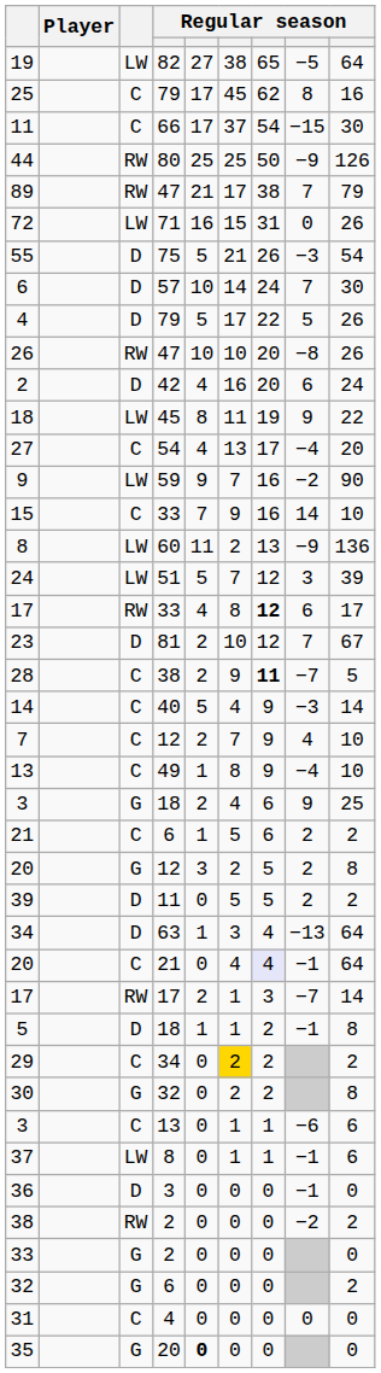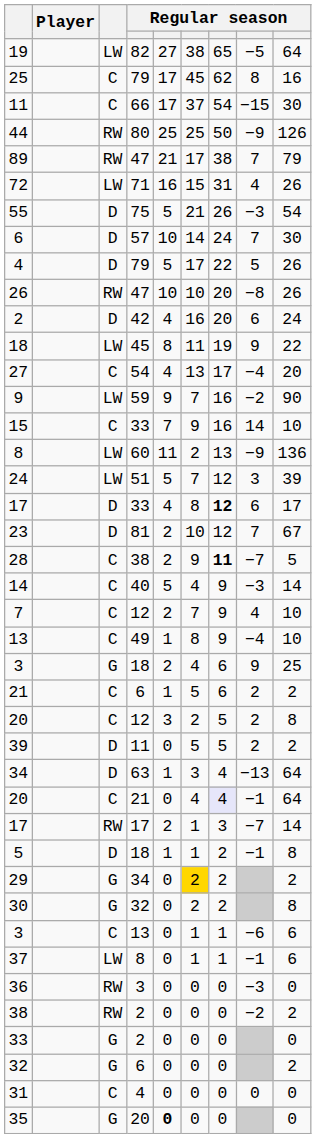 <table class="wikitable sortable plainrowheaders" style="text-align:center;">
 <tr>
 <th scope="col" data-sort-type="number" rowspan="2"></th>
 <th scope="col" rowspan="2">Player</th>
 <th scope="col" rowspan="2"></th>
 <th scope=colgroup colspan=6>Regular season</th>
 </tr>
 <tr>
 <th scope="col" data-sort-type="number"></th>
 <th scope="col" data-sort-type="number"></th>
 <th scope="col" data-sort-type="number"></th>
 <th scope="col" data-sort-type="number"></th>
 <th scope="col" data-sort-type="number"></th>
 <th scope="col" data-sort-type="number"></th>
 </tr>
 <tr>
 <td scope="row">19</td>
 <td align="left"></td>
 <td>LW</td>
 <td>82</td>
 <td>27</td>
 <td>38</td>
 <td>65</td>
 <td>−5</td>
 <td>64</td>
 </tr>
 <tr>
 <td scope="row">25</td>
 <td align="left"></td>
 <td>C</td>
 <td>79</td>
 <td>17</td>
 <td>45</td>
 <td>62</td>
 <td>8</td>
 <td>16</td>
 </tr>
 <tr>
 <td scope="row">11</td>
 <td align="left"></td>
 <td>C</td>
 <td>66</td>
 <td>17</td>
 <td>37</td>
 <td>54</td>
 <td>−15</td>
 <td>30</td>
 </tr>
 <tr>
 <td scope="row">44</td>
 <td align="left"></td>
 <td>RW</td>
 <td>80</td>
 <td>25</td>
 <td>25</td>
 <td>50</td>
 <td>−9</td>
 <td>126</td>
 </tr>
 <tr>
 <td scope="row">89</td>
 <td align="left"></td>
 <td>RW</td>
 <td>47</td>
 <td>21</td>
 <td>17</td>
 <td>38</td>
 <td>7</td>
 <td>79</td>
 </tr>
 <tr>
 <td scope="row">72</td>
 <td align="left"></td>
 <td>LW</td>
 <td>71</td>
 <td>16</td>
 <td>15</td>
 <td>31</td>
-<td>0</td>
+<td>4</td>
 <td>26</td>
 </tr>
 <tr>
 <td scope="row">55</td>
 <td align="left"></td>
 <td>D</td>
 <td>75</td>
 <td>5</td>
 <td>21</td>
 <td>26</td>
 <td>−3</td>
 <td>54</td>
 </tr>
 <tr>
 <td scope="row">6</td>
 <td align="left"></td>
 <td>D</td>
 <td>57</td>
 <td>10</td>
 <td>14</td>
 <td>24</td>
 <td>7</td>
 <td>30</td>
 </tr>
 <tr>
 <td scope="row">4</td>
 <td align="left"></td>
 <td>D</td>
 <td>79</td>
 <td>5</td>
 <td>17</td>
 <td>22</td>
 <td>5</td>
 <td>26</td>
 </tr>
 <tr>
 <td scope="row">26</td>
 <td align="left"></td>
 <td>RW</td>
 <td>47</td>
 <td>10</td>
 <td>10</td>
 <td>20</td>
 <td>−8</td>
 <td>26</td>
 </tr>
 <tr>
 <td scope="row">2</td>
 <td align="left"></td>
 <td>D</td>
 <td>42</td>
 <td>4</td>
 <td>16</td>
 <td>20</td>
 <td>6</td>
 <td>24</td>
 </tr>
 <tr>
 <td scope="row">18</td>
 <td align="left"></td>
 <td>LW</td>
 <td>45</td>
 <td>8</td>
 <td>11</td>
 <td>19</td>
 <td>9</td>
 <td>22</td>
 </tr>
 <tr>
 <td scope="row">27</td>
 <td align="left"></td>
 <td>C</td>
 <td>54</td>
 <td>4</td>
 <td>13</td>
 <td>17</td>
 <td>−4</td>
 <td>20</td>
 </tr>
 <tr>
 <td scope="row">9</td>
 <td align="left"></td>
 <td>LW</td>
 <td>59</td>
 <td>9</td>
 <td>7</td>
 <td>16</td>
 <td>−2</td>
 <td>90</td>
 </tr>
 <tr>
 <td scope="row">15</td>
 <td align="left"></td>
 <td>C</td>
 <td>33</td>
 <td>7</td>
 <td>9</td>
 <td>16</td>
 <td>14</td>
 <td>10</td>
 </tr>
 <tr>
 <td scope="row">8</td>
 <td align="left"></td>
 <td>LW</td>
 <td>60</td>
 <td>11</td>
 <td>2</td>
 <td>13</td>
 <td>−9</td>
 <td>136</td>
 </tr>
 <tr>
 <td scope="row">24</td>
 <td align="left"></td>
 <td>LW</td>
 <td>51</td>
 <td>5</td>
 <td>7</td>
 <td>12</td>
 <td>3</td>
 <td>39</td>
 </tr>
 <tr>
 <td scope="row">17</td>
 <td align="left"></td>
-<td>RW</td>
+<td>D</td>
 <td>33</td>
 <td>4</td>
 <td>8</td>
 <td><strong>12</strong></td>
 <td>6</td>
 <td>17</td>
 </tr>
 <tr>
 <td scope="row">23</td>
 <td align="left"></td>
 <td>D</td>
 <td>81</td>
 <td>2</td>
 <td>10</td>
 <td>12</td>
 <td>7</td>
 <td>67</td>
 </tr>
 <tr>
 <td scope="row">28</td>
 <td align="left"></td>
 <td>C</td>
 <td>38</td>
 <td>2</td>
 <td>9</td>
 <td><strong>11</strong></td>
 <td>−7</td>
 <td>5</td>
 </tr>
 <tr>
 <td scope="row">14</td>
 <td align="left"></td>
 <td>C</td>
 <td>40</td>
 <td>5</td>
 <td>4</td>
 <td>9</td>
 <td>−3</td>
 <td>14</td>
 </tr>
 <tr>
 <td scope="row">7</td>
 <td align="left"></td>
 <td>C</td>
 <td>12</td>
 <td>2</td>
 <td>7</td>
 <td>9</td>
 <td>4</td>
 <td>10</td>
 </tr>
 <tr>
 <td scope="row">13</td>
 <td align="left"></td>
 <td>C</td>
 <td>49</td>
 <td>1</td>
 <td>8</td>
 <td>9</td>
 <td>−4</td>
 <td>10</td>
 </tr>
 <tr>
 <td scope="row">3</td>
 <td align="left"></td>
 <td>G</td>
 <td>18</td>
 <td>2</td>
 <td>4</td>
 <td>6</td>
 <td>9</td>
 <td>25</td>
 </tr>
 <tr>
 <td scope="row">21</td>
 <td align="left"></td>
 <td>C</td>
 <td>6</td>
 <td>1</td>
 <td>5</td>
 <td>6</td>
 <td>2</td>
 <td>2</td>
 </tr>
 <tr>
 <td scope="row">20</td>
 <td align="left"></td>
-<td>G</td>
+<td>C</td>
 <td>12</td>
 <td>3</td>
 <td>2</td>
 <td>5</td>
 <td>2</td>
 <td>8</td>
 </tr>
 <tr>
 <td scope="row">39</td>
 <td align="left"></td>
 <td>D</td>
 <td>11</td>
 <td>0</td>
 <td>5</td>
 <td>5</td>
 <td>2</td>
 <td>2</td>
 </tr>
 <tr>
 <td scope="row">34</td>
 <td align="left"></td>
 <td>D</td>
 <td>63</td>
 <td>1</td>
 <td>3</td>
 <td>4</td>
 <td>−13</td>
 <td>64</td>
 </tr>
 <tr>
 <td scope="row">20</td>
 <td align="left"></td>
 <td>C</td>
 <td>21</td>
 <td>0</td>
 <td>4</td>
 <td style="background: lavender;">4</td>
 <td>−1</td>
 <td>64</td>
 </tr>
 <tr>
 <td scope="row">17</td>
 <td align="left"></td>
 <td>RW</td>
 <td>17</td>
 <td>2</td>
 <td>1</td>
 <td>3</td>
 <td>−7</td>
 <td>14</td>
 </tr>
 <tr>
 <td scope="row">5</td>
 <td align="left"></td>
 <td>D</td>
 <td>18</td>
 <td>1</td>
 <td>1</td>
 <td>2</td>
 <td>−1</td>
 <td>8</td>
 </tr>
 <tr>
 <td scope="row">29</td>
 <td align="left"></td>
-<td>C</td>
+<td>G</td>
 <td>34</td>
 <td>0</td>
 <td style="background: gold;">2</td>
 <td>2</td>
 <td style="background:#ccc"></td>
 <td>2</td>
 </tr>
 <tr>
 <td scope="row">30</td>
 <td align="left"></td>
 <td>G</td>
 <td>32</td>
 <td>0</td>
 <td>2</td>
 <td>2</td>
 <td style="background:#ccc"></td>
 <td>8</td>
 </tr>
 <tr>
 <td scope="row">3</td>
 <td align="left"></td>
 <td>C</td>
 <td>13</td>
 <td>0</td>
 <td>1</td>
 <td>1</td>
 <td>−6</td>
 <td>6</td>
 </tr>
 <tr>
 <td scope="row">37</td>
 <td align="left"></td>
 <td>LW</td>
 <td>8</td>
 <td>0</td>
 <td>1</td>
 <td>1</td>
 <td>−1</td>
 <td>6</td>
 </tr>
 <tr>
 <td scope="row">36</td>
 <td align="left"></td>
-<td>D</td>
+<td>RW</td>
 <td>3</td>
 <td>0</td>
 <td>0</td>
 <td>0</td>
-<td>−1</td>
+<td>−3</td>
 <td>0</td>
 </tr>
 <tr>
 <td scope="row">38</td>
 <td align="left"></td>
 <td>RW</td>
 <td>2</td>
 <td>0</td>
 <td>0</td>
 <td>0</td>
 <td>−2</td>
 <td>2</td>
 </tr>
 <tr>
 <td scope="row">33</td>
 <td align="left"></td>
 <td>G</td>
 <td>2</td>
 <td>0</td>
 <td>0</td>
 <td>0</td>
 <td style="background:#ccc"></td>
 <td>0</td>
 </tr>
 <tr>
 <td scope="row">32</td>
 <td align="left"></td>
 <td>G</td>
 <td>6</td>
 <td>0</td>
 <td>0</td>
 <td>0</td>
 <td style="background:#ccc"></td>
 <td>2</td>
 </tr>
 <tr>
 <td scope="row">31</td>
 <td align="left"></td>
 <td>C</td>
 <td>4</td>
 <td>0</td>
 <td>0</td>
 <td>0</td>
 <td>0</td>
 <td>0</td>
 </tr>
 <tr>
 <td scope="row">35</td>
 <td align="left"></td>
 <td>G</td>
 <td>20</td>
 <td><strong>0</strong></td>
 <td>0</td>
 <td>0</td>
 <td style="background:#ccc"></td>
 <td>0</td>
 </tr>
 </table>
